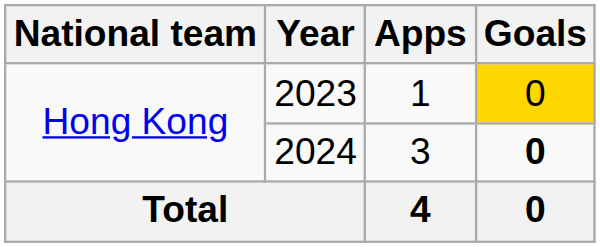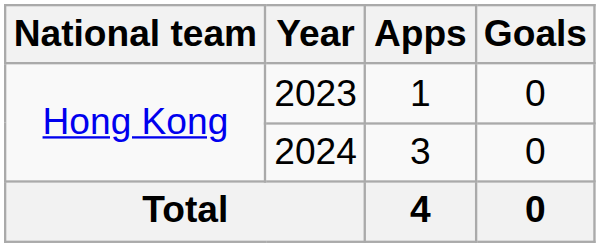 <table class="wikitable" style="text-align:center">
 <tr>
 <th>National team</th>
 <th>Year</th>
 <th>Apps</th>
 <th>Goals</th>
 </tr>
 <tr>
 <td rowspan="2"><a href='#'>Hong Kong</a></td>
 <td>2023</td>
 <td>1</td>
-<td style="background: gold;">0</td>
+<td>0</td>
 </tr>
 <tr>
 <td>2024</td>
 <td>3</td>
-<td><strong>0</strong></td>
+<td>0</td>
 </tr>
 <tr>
 <th colspan="2">Total</th>
 <th>4</th>
 <th>0</th>
 </tr>
 </table>
